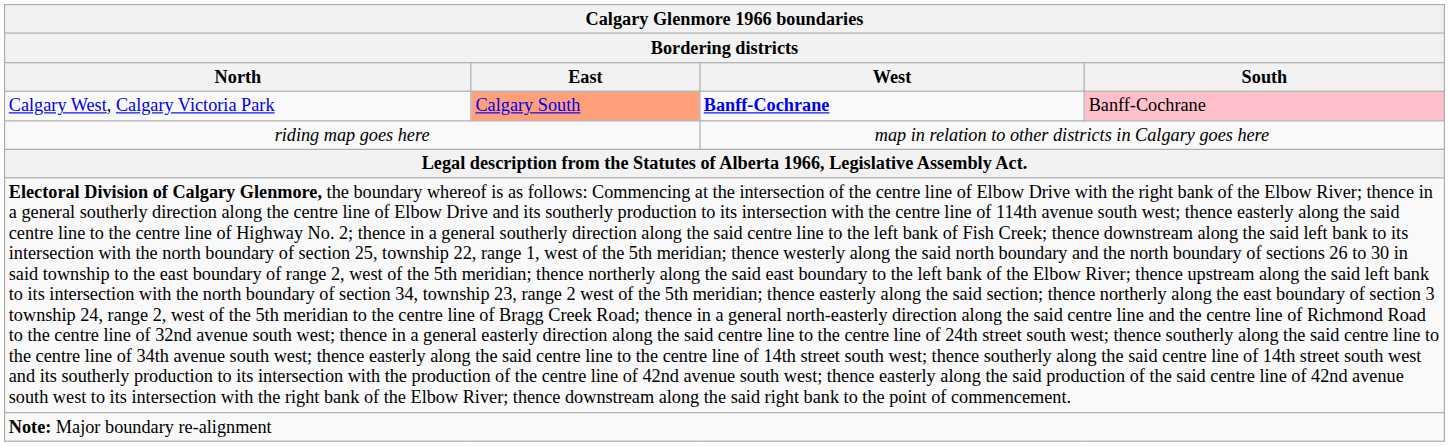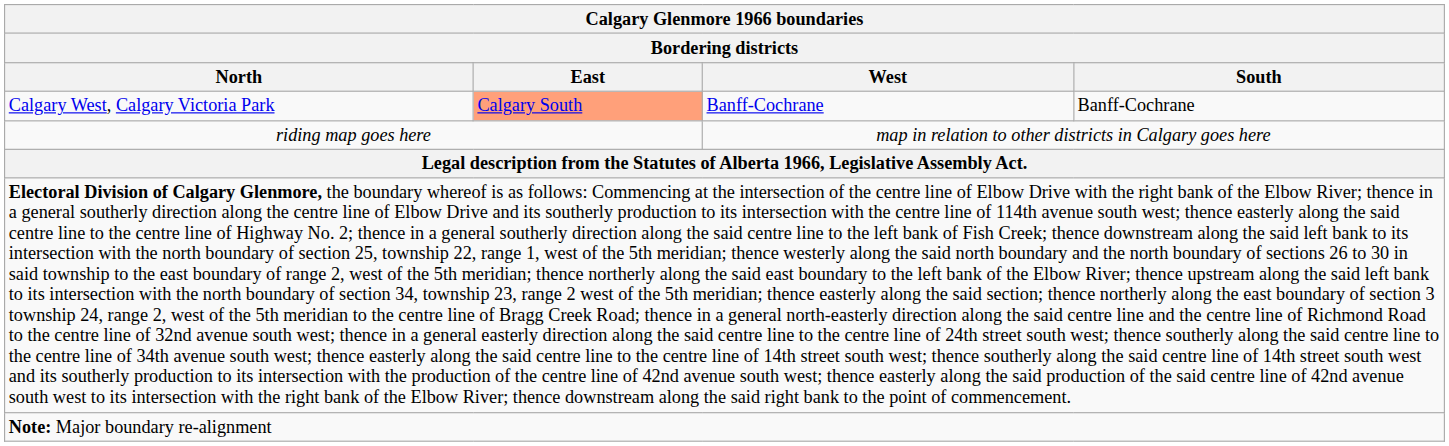 <table class="wikitable collapsible collapsed" style="width:100%;">
 <tr>
 <th colspan=4>Calgary Glenmore 1966 boundaries</th>
 </tr>
 <tr>
 <th colspan=4>Bordering districts</th>
 </tr>
 <tr>
 <th>North</th>
 <th>East</th>
 <th>West</th>
 <th>South</th>
 </tr>
 <tr>
 <td><a href='#'>Calgary West</a>, <a href='#'>Calgary Victoria Park</a></td>
 <td style="background: lightsalmon;"><a href='#'>Calgary South</a></td>
-<td><strong><a href='#'>Banff-Cochrane</a></strong></td>
-<td style="background: pink;">Banff-Cochrane</td>
+<td><a href='#'>Banff-Cochrane</a></td>
+<td>Banff-Cochrane</td>
 </tr>
 <tr>
 <td colspan=2 align=center><em>riding map goes here</em></td>
 <td colspan=2 align=center><em>map in relation to other districts in Calgary goes here</em></td>
 </tr>
 <tr>
 <th colspan=4>Legal description from the Statutes of Alberta 1966, Legislative Assembly Act.</th>
 </tr>
 <tr>
 <td colspan=4><strong>Electoral Division of Calgary Glenmore,</strong> the boundary whereof is as follows: Commencing at the intersection of the centre line of Elbow Drive with the right bank of the Elbow River; thence in a general southerly direction along the centre line of Elbow Drive and its southerly production to its intersection with the centre line of 114th avenue south west; thence easterly along the said centre line to the centre line of Highway No. 2; thence in a general southerly direction along the said centre line to the left bank of Fish Creek; thence downstream along the said left bank to its intersection with the north boundary of section 25, township 22, range 1, west of the 5th meridian; thence westerly along the said north boundary and the north boundary of sections 26 to 30 in said township to the east boundary of range 2, west of the 5th meridian; thence northerly along the said east boundary to the left bank of the Elbow River; thence upstream along the said left bank to its intersection with the north boundary of section 34, township 23, range 2 west of the 5th meridian; thence easterly along the said section; thence northerly along the east boundary of section 3 township 24, range 2, west of the 5th meridian to the centre line of Bragg Creek Road; thence in a general north-easterly direction along the said centre line and the centre line of Richmond Road to the centre line of 32nd avenue south west; thence in a general easterly direction along the said centre line to the centre line of 24th street south west; thence southerly along the said centre line to the centre line of 34th avenue south west; thence easterly along the said centre line to the centre line of 14th street south west; thence southerly along the said centre line of 14th street south west and its southerly production to its intersection with the production of the centre line of 42nd avenue south west; thence easterly along the said production of the said centre line of 42nd avenue south west to its intersection with the right bank of the Elbow River; thence downstream along the said right bank to the point of commencement.</td>
 </tr>
 <tr>
 <td colspan=4><strong>Note:</strong> Major boundary re-alignment</td>
 </tr>
 </table>
